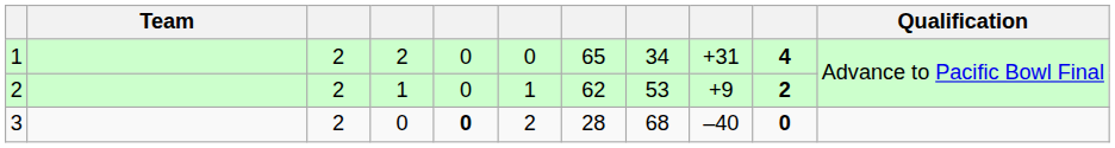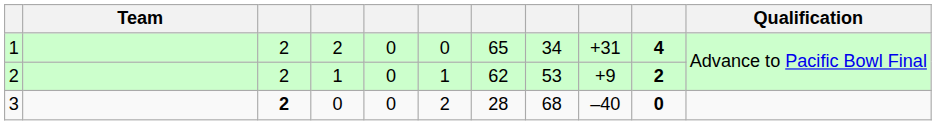 <table class="wikitable" style="text-align:center">
 <tr>
 <th></th>
 <th width="200">Team</th>
 <th width="40"></th>
 <th width="40"></th>
 <th width="40"></th>
 <th width="40"></th>
 <th width="40"></th>
 <th width="40"></th>
 <th width="40"></th>
 <th width="40"></th>
 <th>Qualification</th>
 </tr>
 <tr style="background: #ccffcc;">
 <td>1</td>
 <td style="text-align:left;"></td>
 <td>2</td>
 <td>2</td>
 <td>0</td>
 <td>0</td>
 <td>65</td>
 <td>34</td>
 <td>+31</td>
 <td><strong>4</strong></td>
 <td rowspan=2>Advance to <a href='#'>Pacific Bowl Final</a></td>
 </tr>
 <tr style="background: #ccffcc;">
 <td>2</td>
 <td style="text-align:left;"></td>
 <td>2</td>
 <td>1</td>
 <td>0</td>
 <td>1</td>
 <td>62</td>
 <td>53</td>
 <td>+9</td>
 <td><strong>2</strong></td>
 </tr>
 <tr>
 <td>3</td>
 <td style="text-align:left;"></td>
-<td>2</td>
+<td><strong>2</strong></td>
 <td>0</td>
-<td><strong>0</strong></td>
+<td>0</td>
 <td>2</td>
 <td>28</td>
 <td>68</td>
 <td>–40</td>
 <td><strong>0</strong></td>
 <td></td>
 </tr>
 </table>
